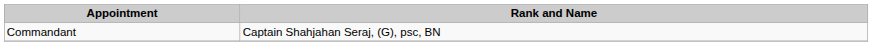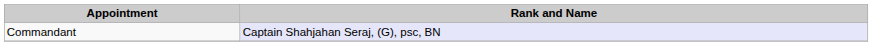 <table class="wikitable" style="width:95%; margin:0 auto;">
 <tr>
 <th style="background:#ccc;">Appointment</th>
 <th style="background:#ccc;">Rank and Name</th>
 </tr>
 <tr>
 <td>Commandant</td>
-<td>Captain Shahjahan Seraj, (G), psc, BN</td>
+<td style="background: lavender;">Captain Shahjahan Seraj, (G), psc, BN</td>
 </tr>
 <tr>
 </tr>
 </table>
